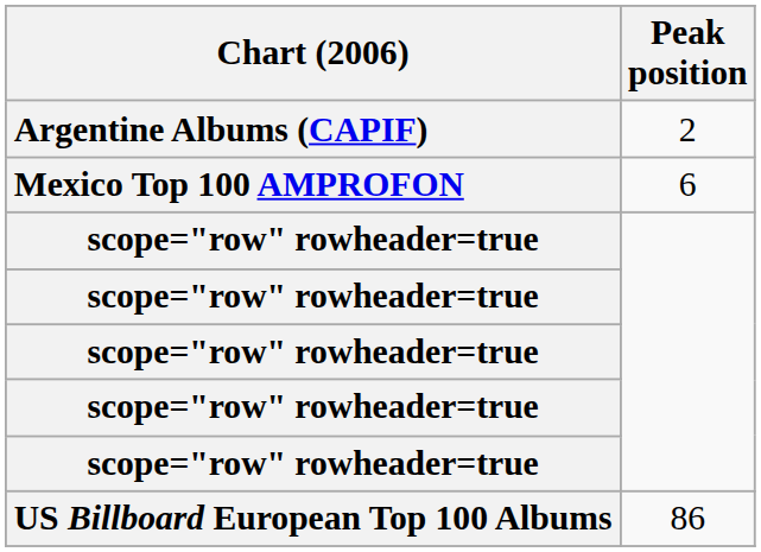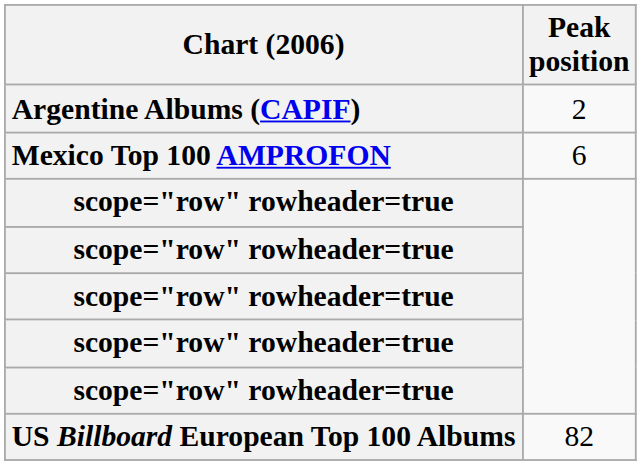 <table class="wikitable sortable plainrowheaders">
 <tr>
 <th align="left">Chart (2006)</th>
 <th align="left">Peak<br>position</th>
 </tr>
 <tr>
 <th scope="row" style="text-align:left;">Argentine Albums (<a href='#'>CAPIF</a>)</th>
 <td style="text-align:center;">2</td>
 </tr>
 <tr>
 <th scope="row" style="text-align:left;">Mexico Top 100 <a href='#'>AMPROFON</a></th>
 <td align="center">6</td>
 </tr>
 <tr>
 <th>scope="row" rowheader=true</th>
 </tr>
 <tr>
 <th>scope="row" rowheader=true</th>
 </tr>
 <tr>
 <th>scope="row" rowheader=true</th>
 </tr>
 <tr>
 <th>scope="row" rowheader=true</th>
 </tr>
 <tr>
 <th>scope="row" rowheader=true</th>
 </tr>
 <tr>
 <th scope="row" style="text-align:left;">US <em>Billboard</em> European Top 100 Albums</th>
-<td align="center">86</td>
+<td align="center">82</td>
 </tr>
 </table>
